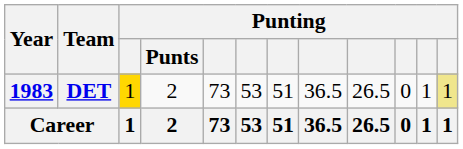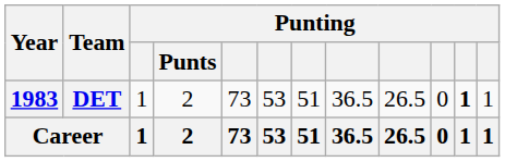 <table class=wikitable style="text-align:center;">
 <tr>
 <th rowspan="2">Year</th>
 <th rowspan="2">Team</th>
 <th colspan="10">Punting</th>
 </tr>
 <tr>
 <th></th>
 <th>Punts</th>
 <th></th>
 <th></th>
 <th></th>
 <th></th>
 <th></th>
 <th></th>
 <th></th>
 <th></th>
 </tr>
 <tr>
 <th><a href='#'>1983</a></th>
 <th><a href='#'>DET</a></th>
-<td style="background: gold;">1</td>
+<td>1</td>
 <td>2</td>
 <td>73</td>
 <td>53</td>
 <td>51</td>
 <td>36.5</td>
 <td>26.5</td>
 <td>0</td>
+<td><strong>1</strong></td>
 <td>1</td>
-<td style="background: khaki;">1</td>
 </tr>
 <tr>
 <th colspan="2">Career</th>
 <th>1</th>
 <th>2</th>
 <th>73</th>
 <th>53</th>
 <th>51</th>
 <th>36.5</th>
 <th>26.5</th>
 <th>0</th>
 <th>1</th>
 <th>1</th>
 </tr>
 </table>
